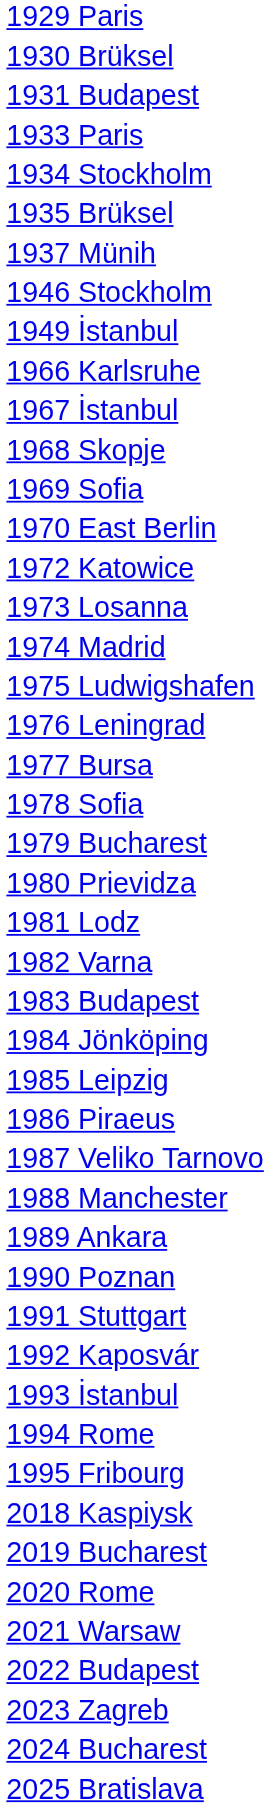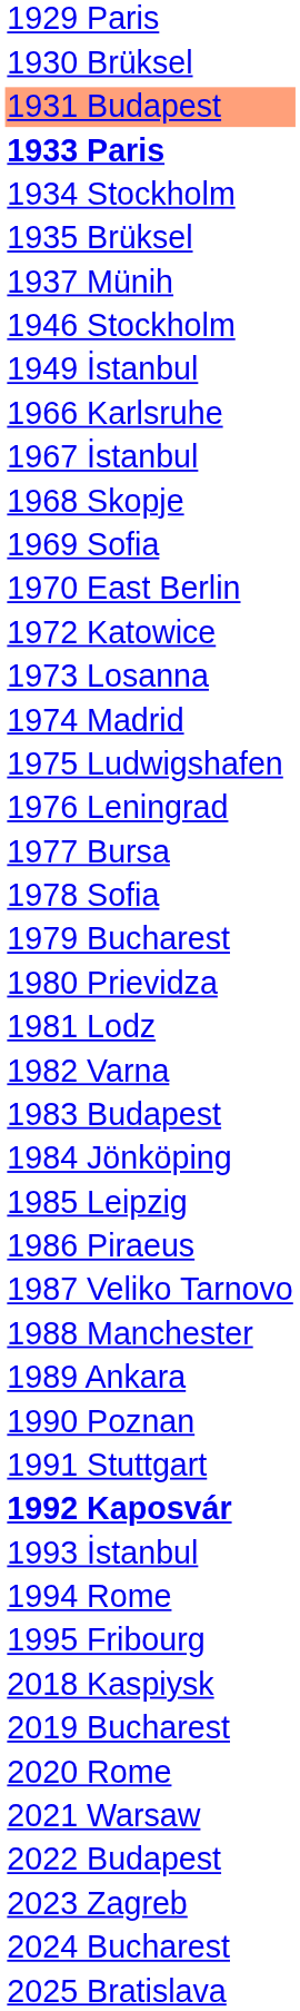 <table>
 <tr>
 <td><a href='#'>1929 Paris</a></td>
 <td></td>
 <td></td>
 <td></td>
 </tr>
 <tr>
 <td><a href='#'>1930 Brüksel</a></td>
 <td></td>
 <td></td>
 <td></td>
 </tr>
 <tr>
-<td><a href='#'>1931 Budapest</a></td>
+<td style="background: lightsalmon;"><a href='#'>1931 Budapest</a></td>
 <td></td>
 <td></td>
 <td></td>
 </tr>
 <tr>
-<td><a href='#'>1933 Paris</a></td>
+<td><strong><a href='#'>1933 Paris</a></strong></td>
 <td></td>
 <td></td>
 <td></td>
 </tr>
 <tr>
 <td><a href='#'>1934 Stockholm</a></td>
 <td></td>
 <td></td>
 <td></td>
 </tr>
 <tr>
 <td><a href='#'>1935 Brüksel</a></td>
 <td></td>
 <td></td>
 <td></td>
 </tr>
 <tr>
 <td><a href='#'>1937 Münih</a></td>
 <td></td>
 <td></td>
 <td></td>
 </tr>
 <tr>
 <td><a href='#'>1946 Stockholm</a></td>
 <td></td>
 <td></td>
 <td></td>
 </tr>
 <tr>
 <td><a href='#'>1949 İstanbul</a></td>
 <td></td>
 <td></td>
 <td></td>
 </tr>
 <tr>
 <td><a href='#'>1966 Karlsruhe</a></td>
 <td></td>
 <td></td>
 <td></td>
 </tr>
 <tr>
 <td><a href='#'>1967 İstanbul</a></td>
 <td></td>
 <td></td>
 <td></td>
 </tr>
 <tr>
 <td><a href='#'>1968 Skopje</a></td>
 <td></td>
 <td></td>
 <td></td>
 </tr>
 <tr>
 <td><a href='#'>1969 Sofia</a></td>
 <td></td>
 <td></td>
 <td></td>
 </tr>
 <tr>
 <td><a href='#'>1970 East Berlin</a></td>
 <td></td>
 <td></td>
 <td></td>
 </tr>
 <tr>
 <td><a href='#'>1972 Katowice</a></td>
 <td></td>
 <td></td>
 <td></td>
 </tr>
 <tr>
 <td><a href='#'>1973 Losanna</a></td>
 <td></td>
 <td></td>
 <td></td>
 </tr>
 <tr>
 <td><a href='#'>1974 Madrid</a></td>
 <td></td>
 <td></td>
 <td></td>
 </tr>
 <tr>
 <td><a href='#'>1975 Ludwigshafen</a></td>
 <td></td>
 <td></td>
 <td></td>
 </tr>
 <tr>
 <td><a href='#'>1976 Leningrad</a></td>
 <td></td>
 <td></td>
 <td></td>
 </tr>
 <tr>
 <td><a href='#'>1977 Bursa</a></td>
 <td></td>
 <td></td>
 <td></td>
 </tr>
 <tr>
 <td><a href='#'>1978 Sofia</a></td>
 <td></td>
 <td></td>
 <td></td>
 </tr>
 <tr>
 <td><a href='#'>1979 Bucharest</a></td>
 <td></td>
 <td></td>
 <td></td>
 </tr>
 <tr>
 <td><a href='#'>1980 Prievidza</a></td>
 <td></td>
 <td></td>
 <td></td>
 </tr>
 <tr>
 <td><a href='#'>1981 Lodz</a></td>
 <td></td>
 <td></td>
 <td></td>
 </tr>
 <tr>
 <td><a href='#'>1982 Varna</a></td>
 <td></td>
 <td></td>
 <td></td>
 </tr>
 <tr>
 <td><a href='#'>1983 Budapest</a></td>
 <td></td>
 <td></td>
 <td></td>
 </tr>
 <tr>
 <td><a href='#'>1984 Jönköping</a></td>
 <td></td>
 <td></td>
 <td></td>
 </tr>
 <tr>
 <td><a href='#'>1985 Leipzig</a></td>
 <td></td>
 <td></td>
 <td></td>
 </tr>
 <tr>
 <td><a href='#'>1986 Piraeus</a></td>
 <td></td>
 <td></td>
 <td></td>
 </tr>
 <tr>
 <td><a href='#'>1987 Veliko Tarnovo</a></td>
 <td></td>
 <td></td>
 <td></td>
 </tr>
 <tr>
 <td><a href='#'>1988 Manchester</a></td>
 <td></td>
 <td></td>
 <td></td>
 </tr>
 <tr>
 <td><a href='#'>1989 Ankara</a></td>
 <td></td>
 <td></td>
 <td></td>
 </tr>
 <tr>
 <td><a href='#'>1990 Poznan</a></td>
 <td></td>
 <td></td>
 <td></td>
 </tr>
 <tr>
 <td><a href='#'>1991 Stuttgart</a></td>
 <td></td>
 <td></td>
 <td></td>
 </tr>
 <tr>
-<td><a href='#'>1992 Kaposvár</a></td>
+<td><strong><a href='#'>1992 Kaposvár</a></strong></td>
 <td></td>
 <td></td>
 <td></td>
 </tr>
 <tr>
 <td><a href='#'>1993 İstanbul</a></td>
 <td></td>
 <td></td>
 <td></td>
 </tr>
 <tr>
 <td><a href='#'>1994 Rome</a></td>
 <td></td>
 <td></td>
 <td></td>
 </tr>
 <tr>
 <td><a href='#'>1995 Fribourg</a></td>
 <td></td>
 <td></td>
 <td></td>
 </tr>
 <tr>
 <td rowspan=2><a href='#'>2018 Kaspiysk</a></td>
 <td rowspan=2></td>
 <td rowspan=2></td>
 <td></td>
 </tr>
 <tr>
 <td></td>
 </tr>
 <tr>
 <td rowspan=2><a href='#'>2019 Bucharest</a></td>
 <td rowspan=2></td>
 <td rowspan=2></td>
 <td></td>
 </tr>
 <tr>
 <td></td>
 </tr>
 <tr>
 <td rowspan=2><a href='#'>2020 Rome</a></td>
 <td rowspan=2></td>
 <td rowspan=2></td>
 <td></td>
 </tr>
 <tr>
 <td></td>
 </tr>
 <tr>
 <td rowspan=2><a href='#'>2021 Warsaw</a></td>
 <td rowspan=2></td>
 <td rowspan=2></td>
 <td></td>
 </tr>
 <tr>
 <td></td>
 </tr>
 <tr>
 <td rowspan=2><a href='#'>2022 Budapest</a></td>
 <td rowspan=2></td>
 <td rowspan=2></td>
 <td></td>
 </tr>
 <tr>
 <td></td>
 </tr>
 <tr>
 <td rowspan=2><a href='#'>2023 Zagreb</a></td>
 <td rowspan=2></td>
 <td rowspan=2></td>
 <td></td>
 </tr>
 <tr>
 <td></td>
 </tr>
 <tr>
 <td rowspan=2><a href='#'>2024 Bucharest</a></td>
 <td rowspan=2></td>
 <td rowspan=2></td>
 <td></td>
 </tr>
 <tr>
 <td></td>
 </tr>
 <tr>
 <td rowspan=2><a href='#'>2025 Bratislava</a></td>
 <td rowspan=2></td>
 <td rowspan=2></td>
 <td></td>
 </tr>
 <tr>
 <td></td>
 </tr>
 </table>
